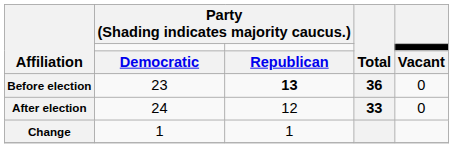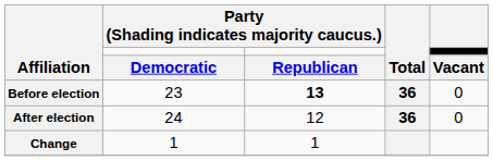 <table class=wikitable style="text-align:center">
 <tr style="vertical-align:bottom;">
 <th rowspan="3">Affiliation</th>
 <th colspan="2">Party <div>(Shading indicates majority caucus.)</div></th>
 <th rowspan="3">Total</th>
 <th></th>
 </tr>
 <tr style="height:5px">
 <td style="background-color:"></td>
 <td style="background-color:"></td>
 <td style="background-color:black"></td>
 </tr>
 <tr>
 <th><a href='#'>Democratic</a></th>
 <th><a href='#'>Republican</a></th>
 <th>Vacant</th>
 </tr>
 <tr>
 <th style="font-size:80%">Before election</th>
 <td>23</td>
 <td><strong>13</strong></td>
 <th>36</th>
 <td>0</td>
 </tr>
 <tr>
 <th style="font-size:80%">After election</th>
 <td>24</td>
 <td>12</td>
-<th>33</th>
+<th>36</th>
 <td>0</td>
 </tr>
 <tr>
 <th style="font-size:80%">Change</th>
 <td> 1</td>
 <td> 1</td>
 <th></th>
 <td></td>
 </tr>
 <tr>
 </tr>
 </table>
